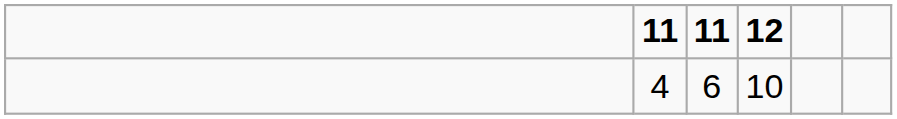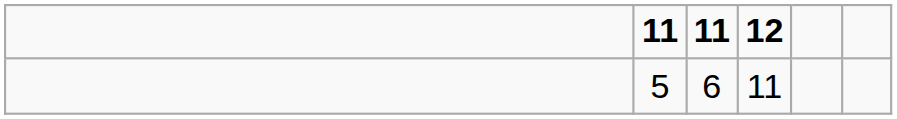 <table class="wikitable">
 <tr>
 <td style="width:18em"><strong></strong></td>
 <td align=center style="width:1em"><strong>11</strong></td>
 <td align=center style="width:1em"><strong>11</strong></td>
 <td align=center style="width:1em"><strong>12</strong></td>
 <td align=center style="width:1em"></td>
 <td align=center style="width:1em"></td>
 </tr>
 <tr>
 <td style="width:18em"></td>
-<td align=center style="width:1em">4</td>
+<td align=center style="width:1em">5</td>
 <td align=center style="width:1em">6</td>
-<td align=center style="width:1em">10</td>
+<td align=center style="width:1em">11</td>
 <td align=center style="width:1em"></td>
 <td align=center style="width:1em"></td>
 </tr>
 </table>
